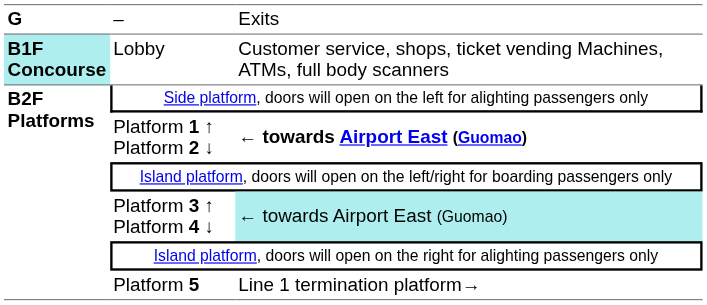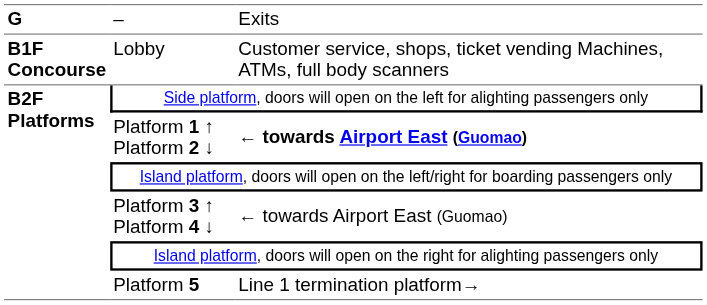 <table border=0 cellspacing=0 cellpadding=3>
 <tr>
 <td style="width:50px; border-top:solid 1px gray; vertical-align:top;"><strong>G</strong></td>
 <td style="width:100px; border-top:solid 1px gray; vertical-align:top;">–</td>
 <td style="width:390px; border-top:solid 1px gray; vertical-align:top;">Exits</td>
 </tr>
 <tr>
-<td style="background: paleturquoise; vertical-align:top; border-bottom:solid 1px gray; border-top:solid 1px gray; width:50px;"><strong>B1F<br>Concourse</strong></td>
+<td style="vertical-align:top; border-bottom:solid 1px gray; border-top:solid 1px gray; width:50px;"><strong>B1F<br>Concourse</strong></td>
 <td style="vertical-align:top; border-bottom:solid 1px gray; border-top:solid 1px gray; width:100px;">Lobby</td>
 <td style="vertical-align:top; border-bottom:solid 1px gray; border-top:solid 1px gray; width:390px;">Customer service, shops, ticket vending Machines, ATMs, full body scanners</td>
 </tr>
 <tr>
 <td rowspan="6" style="border-bottom:solid 1px gray; vertical-align:top;"><strong>B2F<br>Platforms</strong></td>
 <td colspan="2" style="border-right:solid 2px black; border-left:solid 2px black; border-bottom:solid 2px black; font-size:smaller; text-align:center;"><a href='#'>Side platform</a>, doors will open on the left for alighting passengers only</td>
 </tr>
 <tr>
 <td>Platform <strong>1 ↑</strong><br>Platform <strong>2 ↓</strong></td>
 <td><strong>←  towards <a href='#'>Airport East</a> <small>(<a href='#'>Guomao</a>)</small></strong></td>
 </tr>
 <tr>
 <td colspan="3" style="border-top:solid 2px black; border-right:solid 2px black; border-left:solid 2px black; border-bottom:solid 2px black; font-size:smaller; text-align:center;"><a href='#'>Island platform</a>, doors will open on the left/right for boarding passengers only</td>
 </tr>
 <tr>
 <td>Platform <strong>3 ↑</strong><br>Platform <strong>4 ↓</strong></td>
-<td style="background: paleturquoise;">←  towards Airport East <small>(Guomao)</small></td>
+<td>←  towards Airport East <small>(Guomao)</small></td>
 </tr>
 <tr>
 <td colspan="4" style="border-top:solid 2px black; border-right:solid 2px black; border-left:solid 2px black; border-bottom:solid 2px black; font-size:smaller; text-align:center;"><a href='#'>Island platform</a>, doors will open on the right for alighting passengers only</td>
 </tr>
 <tr>
 <td style="border-bottom:solid 1px gray;">Platform <strong>5</strong></td>
 <td style="border-bottom:solid 1px gray;">  Line 1 termination platform→</td>
 </tr>
 </table>
